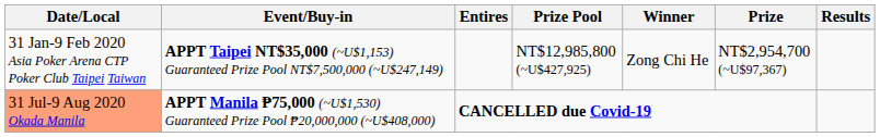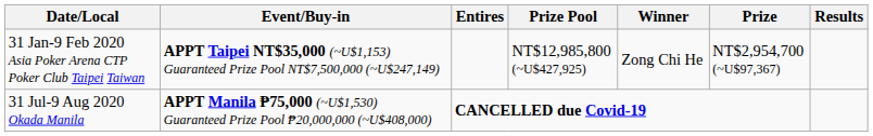 <table class="wikitable" width="100%">
 <tr>
 <th width="18%">Date/Local</th>
 <th !width="15%">Event/Buy-in</th>
 <th !width="10%">Entires</th>
 <th !width="10%">Prize Pool</th>
 <th !width="27%">Winner</th>
 <th !width="10%">Prize</th>
 <th !width="10%">Results</th>
 </tr>
 <tr>
 <td>31 Jan-9 Feb 2020<br><small><em>Asia Poker Arena CTP Poker Club <a href='#'>Taipei</a> <a href='#'>Taiwan</a></em></small></td>
 <td> <strong>APPT <a href='#'>Taipei</a> NT$35,000</strong> <em><small>(~U$1,153)</small></em><br><small><em>Guaranteed Prize Pool NT$7,500,000 (~U$247,149)</em></small></td>
 <td></td>
 <td>NT$12,985,800<br><small>(~U$427,925)</small></td>
 <td> Zong Chi He</td>
 <td>NT$2,954,700<br><small>(~U$97,367)</small></td>
 <td></td>
 </tr>
 <tr>
-<td style="background: lightsalmon;">31 Jul-9 Aug 2020<br><small><em><a href='#'>Okada Manila</a></em></small></td>
+<td>31 Jul-9 Aug 2020<br><small><em><a href='#'>Okada Manila</a></em></small></td>
 <td> <strong>APPT <a href='#'>Manila</a> ₱75,000</strong> <em><small>(~U$1,530)</small></em><br><small><em>Guaranteed Prize Pool ₱20,000,000 (~U$408,000)</em></small></td>
 <td colspan="4"><strong>CANCELLED due <a href='#'>Covid-19</a></strong></td>
 <td></td>
 </tr>
 </table>
